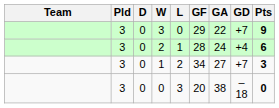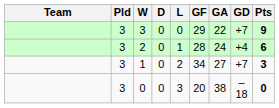 <table class="wikitable" style="text-align:center;">
 <tr>
 <th width=150>Team</th>
 <th width=20>Pld</th>
+<th width=20>W</th>
 <th width=20>D</th>
-<th width=20>W</th>
 <th width=20>L</th>
 <th width=20>GF</th>
 <th width=20>GA</th>
 <th width=25>GD</th>
 <th width=20>Pts</th>
 </tr>
 <tr bgcolor=#ccffcc>
 <td align="left"></td>
 <td>3</td>
+<td>3</td>
 <td>0</td>
-<td>3</td>
 <td>0</td>
 <td>29</td>
 <td>22</td>
 <td>+7</td>
 <td><strong>9</strong></td>
 </tr>
 <tr bgcolor=#ccffcc>
 <td align="left"></td>
 <td>3</td>
+<td>2</td>
 <td>0</td>
-<td>2</td>
 <td>1</td>
 <td>28</td>
 <td>24</td>
 <td>+4</td>
 <td><strong>6</strong></td>
 </tr>
 <tr>
 <td align="left"></td>
 <td>3</td>
+<td>1</td>
 <td>0</td>
-<td>1</td>
 <td>2</td>
 <td>34</td>
 <td>27</td>
 <td>+7</td>
 <td><strong>3</strong></td>
 </tr>
 <tr>
 <td align="left"></td>
 <td>3</td>
 <td>0</td>
 <td>0</td>
 <td>3</td>
 <td>20</td>
 <td>38</td>
 <td>–18</td>
 <td><strong>0</strong></td>
 </tr>
 </table>
